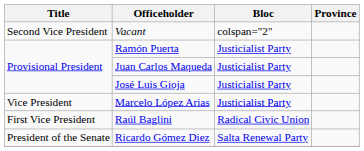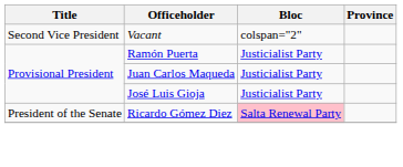 <table class="wikitable">
 <tr>
 <th>Title</th>
 <th>Officeholder</th>
 <th>Bloc</th>
 <th>Province</th>
 </tr>
 <tr>
 <td>Second Vice President</td>
 <td><em>Vacant</em></td>
 <td>colspan="2" </td>
 </tr>
 <tr>
 <td rowspan="3"><a href='#'>Provisional President</a></td>
 <td><a href='#'>Ramón Puerta</a> </td>
 <td><a href='#'>Justicialist Party</a></td>
 <td></td>
 </tr>
 <tr>
 <td><a href='#'>Juan Carlos Maqueda</a> </td>
 <td><a href='#'>Justicialist Party</a></td>
 <td></td>
 </tr>
 <tr>
 <td><a href='#'>José Luis Gioja</a> </td>
 <td><a href='#'>Justicialist Party</a></td>
 <td></td>
 </tr>
 <tr>
-<td>Vice President</td>
-<td><a href='#'>Marcelo López Arias</a></td>
-<td><a href='#'>Justicialist Party</a></td>
-<td></td>
-</tr>
-<tr>
-<td>First Vice President</td>
-<td><a href='#'>Raúl Baglini</a></td>
-<td><a href='#'>Radical Civic Union</a></td>
-<td></td>
-</tr>
-<tr>
 <td>President of the Senate</td>
 <td><a href='#'>Ricardo Gómez Diez</a></td>
-<td><a href='#'>Salta Renewal Party</a></td>
+<td style="background: pink;"><a href='#'>Salta Renewal Party</a></td>
 <td></td>
 </tr>
 <tr>
 </tr>
 </table>
